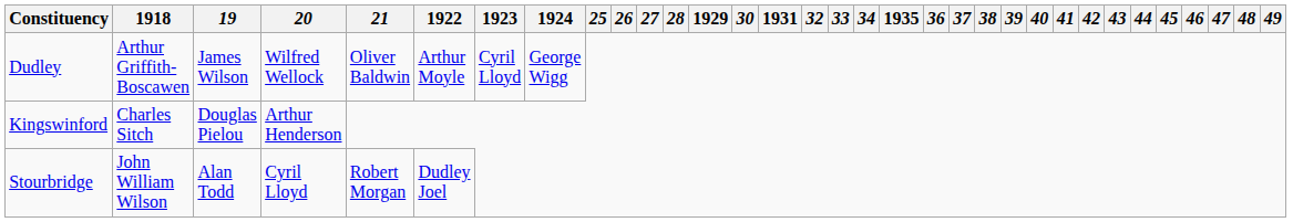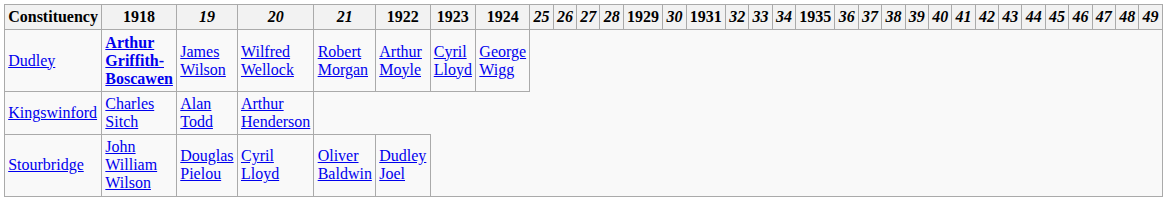 <table class="wikitable">
 <tr>
 <th>Constituency</th>
 <th>1918</th>
 <th><em>19</em></th>
 <th><em>20</em></th>
 <th><em>21</em></th>
 <th>1922</th>
 <th>1923</th>
 <th>1924</th>
 <th><em>25</em></th>
 <th><em>26</em></th>
 <th><em>27</em></th>
 <th><em>28</em></th>
 <th>1929</th>
 <th><em>30</em></th>
 <th>1931</th>
 <th><em>32</em></th>
 <th><em>33</em></th>
 <th><em>34</em></th>
 <th>1935</th>
 <th><em>36</em></th>
 <th><em>37</em></th>
 <th><em>38</em></th>
 <th><em>39</em></th>
 <th><em>40</em></th>
 <th><em>41</em></th>
 <th><em>42</em></th>
 <th><em>43</em></th>
 <th><em>44</em></th>
 <th><em>45</em></th>
 <th><em>46</em></th>
 <th><em>47</em></th>
 <th><em>48</em></th>
 <th><em>49</em></th>
 </tr>
 <tr>
 <td><a href='#'>Dudley</a></td>
-<td><a href='#'>Arthur Griffith-Boscawen</a></td>
+<td><strong><a href='#'>Arthur Griffith-Boscawen</a></strong></td>
 <td><a href='#'>James Wilson</a></td>
 <td><a href='#'>Wilfred Wellock</a></td>
-<td><a href='#'>Oliver Baldwin</a></td>
+<td><a href='#'>Robert Morgan</a></td>
 <td><a href='#'>Arthur Moyle</a></td>
 <td><a href='#'>Cyril Lloyd</a></td>
 <td><a href='#'>George Wigg</a></td>
 </tr>
 <tr>
 <td><a href='#'>Kingswinford</a></td>
 <td><a href='#'>Charles Sitch</a></td>
-<td><a href='#'>Douglas Pielou</a></td>
+<td><a href='#'>Alan Todd</a></td>
 <td><a href='#'>Arthur Henderson</a></td>
 </tr>
 <tr>
 <td><a href='#'>Stourbridge</a></td>
 <td><a href='#'>John William Wilson</a></td>
-<td><a href='#'>Alan Todd</a></td>
+<td><a href='#'>Douglas Pielou</a></td>
 <td><a href='#'>Cyril Lloyd</a></td>
-<td><a href='#'>Robert Morgan</a></td>
+<td><a href='#'>Oliver Baldwin</a></td>
 <td><a href='#'>Dudley Joel</a></td>
 </tr>
 </table>
